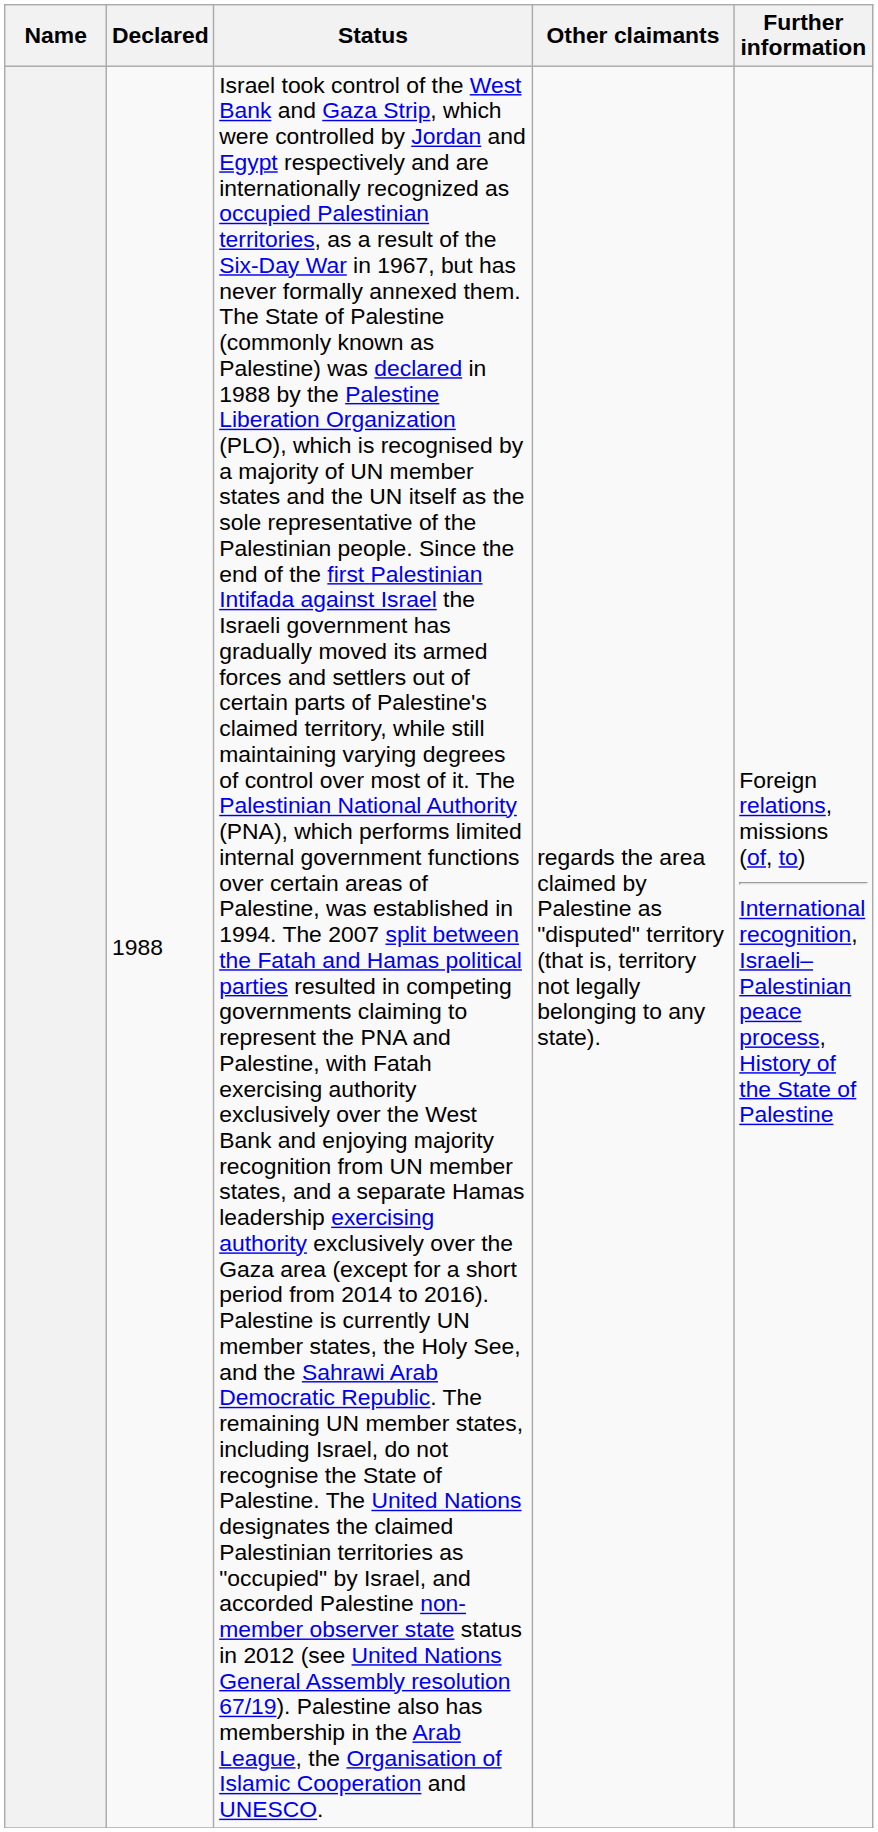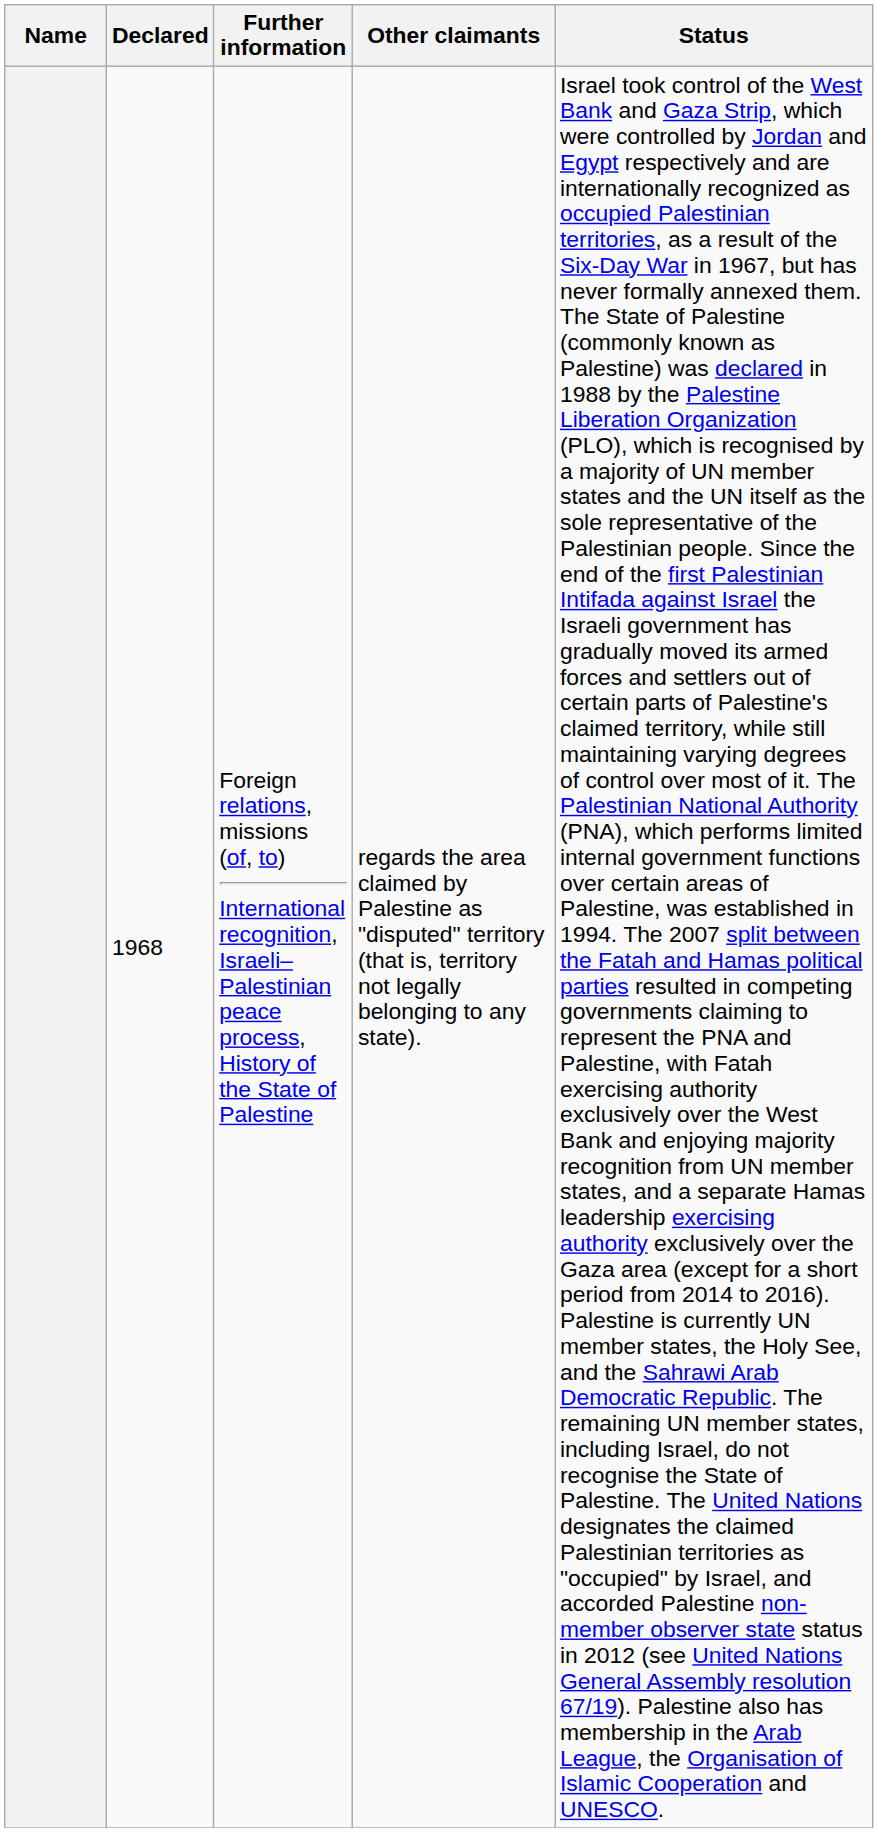 <table class="wikitable sortable">
 <tr>
 <th scope=col style="width:12%;">Name</th>
 <th scope=col style="width:5%;">Declared</th>
+<th scope=col style="width:16%;" class=unsortable>Further information</th>
+<th scope=col style="width:24%;" class=unsortable>Other claimants</th>
 <th scope=col style="width:38%;" class=unsortable>Status</th>
-<th scope=col style="width:24%;" class=unsortable>Other claimants</th>
-<th scope=col style="width:16%;" class=unsortable>Further information</th>
 </tr>
 <tr>
 <th scope=row></th>
-<td>1988</td>
+<td>1968</td>
+<td>Foreign <a href='#'>relations</a>, missions (<a href='#'>of</a>, <a href='#'>to</a>) <hr> <a href='#'>International recognition</a>, <a href='#'>Israeli–Palestinian peace process</a>, <a href='#'>History of the State of Palestine</a></td>
+<td> regards the area claimed by Palestine as "disputed" territory (that is, territory not legally belonging to any state).</td>
 <td>Israel took control of the <a href='#'>West Bank</a> and <a href='#'>Gaza Strip</a>, which were controlled by <a href='#'>Jordan</a> and <a href='#'>Egypt</a> respectively and are internationally recognized as <a href='#'>occupied Palestinian territories</a>, as a result of the <a href='#'>Six-Day War</a> in 1967, but has never formally annexed them. The State of Palestine (commonly known as Palestine) was <a href='#'>declared</a> in 1988 by the <a href='#'>Palestine Liberation Organization</a> (PLO), which is recognised by a majority of UN member states and the UN itself as the sole representative of the Palestinian people. Since the end of the <a href='#'>first Palestinian Intifada against Israel</a> the Israeli government has gradually moved its armed forces and settlers out of certain parts of Palestine's claimed territory, while still maintaining varying degrees of control over most of it. The <a href='#'>Palestinian National Authority</a> (PNA), which performs limited internal government functions over certain areas of Palestine, was established in 1994. The 2007 <a href='#'>split between the Fatah and Hamas political parties</a> resulted in competing governments claiming to represent the PNA and Palestine, with Fatah exercising authority exclusively over the West Bank and enjoying majority recognition from UN member states, and a separate Hamas leadership <a href='#'>exercising authority</a> exclusively over the Gaza area (except for a short period from 2014 to 2016). Palestine is currently  UN member states, the Holy See, and the <a href='#'>Sahrawi Arab Democratic Republic</a>. The remaining UN member states, including Israel, do not recognise the State of Palestine. The <a href='#'>United Nations</a> designates the claimed Palestinian territories as "occupied" by Israel, and accorded Palestine <a href='#'>non-member observer state</a> status in 2012 (see <a href='#'>United Nations General Assembly resolution 67/19</a>). Palestine also has membership in the <a href='#'>Arab League</a>, the <a href='#'>Organisation of Islamic Cooperation</a> and <a href='#'>UNESCO</a>.</td>
-<td> regards the area claimed by Palestine as "disputed" territory (that is, territory not legally belonging to any state).</td>
-<td>Foreign <a href='#'>relations</a>, missions (<a href='#'>of</a>, <a href='#'>to</a>) <hr> <a href='#'>International recognition</a>, <a href='#'>Israeli–Palestinian peace process</a>, <a href='#'>History of the State of Palestine</a></td>
 </tr>
 </table>
